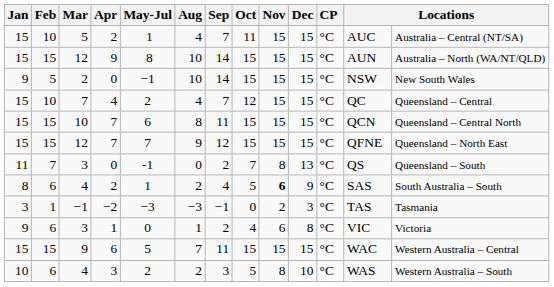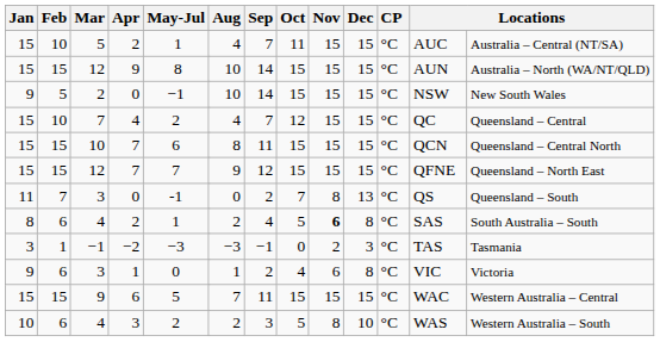 <table class="wikitable">
 <tr>
 <th align=right>Jan</th>
 <th align=right>Feb</th>
 <th align=right>Mar</th>
 <th align=right>Apr</th>
 <th colspan="3" style="text-align:center;">May-Jul</th>
 <th align=right>Aug</th>
 <th align=right>Sep</th>
 <th align=right>Oct</th>
 <th align=right>Nov</th>
 <th align=right>Dec</th>
 <th>CP </th>
 <th colspan=2>Locations</th>
 </tr>
 <tr>
 <td align=right>15</td>
 <td align=right>10</td>
 <td align=right>5</td>
 <td align=right>2</td>
 <td colspan="3" style="text-align:center;"> 1</td>
 <td align=right>4</td>
 <td align=right>7</td>
 <td align=right>11</td>
 <td align=right>15</td>
 <td align=right>15</td>
 <td>°C</td>
 <td>AUC  </td>
 <td><small>Australia – Central (NT/SA)</small></td>
 </tr>
 <tr>
 <td align=right>15</td>
 <td align=right>15</td>
 <td align=right>12</td>
 <td align=right>9</td>
 <td colspan="3" style="text-align:center;"> 8</td>
 <td align=right>10</td>
 <td align=right>14</td>
 <td align=right>15</td>
 <td align=right>15</td>
 <td align=right>15</td>
 <td>°C</td>
 <td>AUN  </td>
 <td><small>Australia – North (WA/NT/QLD)</small></td>
 </tr>
 <tr>
 <td align=right>9</td>
 <td align=right>5</td>
 <td align=right>2</td>
 <td align=right>0</td>
 <td colspan="3" style="text-align:center;">−1</td>
 <td align=right>10</td>
 <td align=right>14</td>
 <td align=right>15</td>
 <td align=right>15</td>
 <td align=right>15</td>
 <td>°C</td>
 <td>NSW  </td>
 <td><small>New South Wales</small></td>
 </tr>
 <tr>
 <td align=right>15</td>
 <td align=right>10</td>
 <td align=right>7</td>
 <td align=right>4</td>
 <td colspan="3" style="text-align:center;">2</td>
 <td align=right>4</td>
 <td align=right>7</td>
 <td align=right>12</td>
 <td align=right>15</td>
 <td align=right>15</td>
 <td>°C</td>
 <td>QC  </td>
 <td><small>Queensland – Central</small></td>
 </tr>
 <tr>
 <td align=right>15</td>
 <td align=right>15</td>
 <td align=right>10</td>
 <td align=right>7</td>
 <td colspan="3" style="text-align:center;">6</td>
 <td align=right>8</td>
 <td align=right>11</td>
 <td align=right>15</td>
 <td align=right>15</td>
 <td align=right>15</td>
 <td>°C</td>
 <td>QCN  </td>
 <td><small>Queensland – Central North</small></td>
 </tr>
 <tr>
 <td align=right>15</td>
 <td align=right>15</td>
 <td align=right>12</td>
 <td align=right>7</td>
 <td colspan="3" style="text-align:center;">7</td>
 <td align=right>9</td>
 <td align=right>12</td>
 <td align=right>15</td>
 <td align=right>15</td>
 <td align=right>15</td>
 <td>°C</td>
 <td>QFNE  </td>
 <td><small>Queensland – North East</small></td>
 </tr>
 <tr>
 <td align=right>11</td>
 <td align=right>7</td>
 <td align=right>3</td>
 <td align=right>0</td>
 <td colspan="3" style="text-align:center;">-1</td>
 <td align=right>0</td>
 <td align=right>2</td>
 <td align=right>7</td>
 <td align=right>8</td>
 <td align=right>13</td>
 <td>°C</td>
 <td>QS  </td>
 <td><small>Queensland – South</small></td>
 </tr>
 <tr>
 <td align=right>8</td>
 <td align=right>6</td>
 <td align=right>4</td>
 <td align=right>2</td>
 <td colspan="3" style="text-align:center;">1</td>
 <td align=right>2</td>
 <td align=right>4</td>
 <td align=right>5</td>
 <td align=right><strong>6</strong></td>
-<td align=right>9</td>
+<td align=right>8</td>
 <td>°C</td>
 <td>SAS  </td>
 <td><small>South Australia – South</small></td>
 </tr>
 <tr>
 <td align=right>3</td>
 <td align=right>1</td>
 <td align=right>−1</td>
 <td align=right>−2</td>
 <td colspan="3" style="text-align:center;">−3</td>
 <td align=right>−3</td>
 <td align=right>−1</td>
 <td align=right>0</td>
 <td align=right>2</td>
 <td align=right>3</td>
 <td>°C</td>
 <td>TAS  </td>
 <td><small>Tasmania</small></td>
 </tr>
 <tr>
 <td align=right>9</td>
 <td align=right>6</td>
 <td align=right>3</td>
 <td align=right>1</td>
 <td colspan="3" style="text-align:center;">0</td>
 <td align=right>1</td>
 <td align=right>2</td>
 <td align=right>4</td>
 <td align=right>6</td>
 <td align=right>8</td>
 <td>°C</td>
 <td>VIC  </td>
 <td><small>Victoria</small></td>
 </tr>
 <tr>
 <td align=right>15</td>
 <td align=right>15</td>
 <td align=right>9</td>
 <td align=right>6</td>
 <td colspan="3" style="text-align:center;">5</td>
 <td align=right>7</td>
 <td align=right>11</td>
 <td align=right>15</td>
 <td align=right>15</td>
 <td align=right>15</td>
 <td>°C</td>
 <td>WAC  </td>
 <td><small>Western Australia – Central</small></td>
 </tr>
 <tr>
 <td align=right>10</td>
 <td align=right>6</td>
 <td align=right>4</td>
 <td align=right>3</td>
 <td colspan="3" style="text-align:center;">2</td>
 <td align=right>2</td>
 <td align=right>3</td>
 <td align=right>5</td>
 <td align=right>8</td>
 <td align=right>10</td>
 <td>°C</td>
 <td>WAS  </td>
 <td><small>Western Australia – South</small></td>
 </tr>
 </table>
